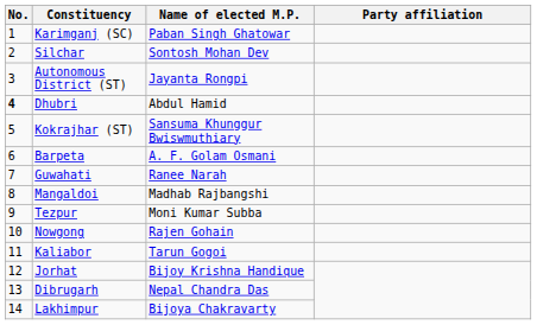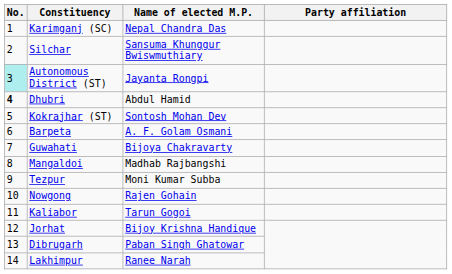 <table class="wikitable">
 <tr style="background:#ccc; text-align:center;">
 <th>No.</th>
 <th style="width:120px">Constituency</th>
 <th style="width:180px">Name of elected M.P.</th>
 <th colspan="2" style="width:18em">Party affiliation</th>
 </tr>
 <tr>
 <td>1</td>
 <td><a href='#'>Karimganj</a> (SC)</td>
-<td><a href='#'>Paban Singh Ghatowar</a></td>
+<td><a href='#'>Nepal Chandra Das</a></td>
 <td></td>
 </tr>
 <tr>
 <td>2</td>
 <td><a href='#'>Silchar</a></td>
-<td><a href='#'>Sontosh Mohan Dev</a></td>
+<td><a href='#'>Sansuma Khunggur Bwiswmuthiary</a></td>
 </tr>
 <tr>
-<td>3</td>
+<td style="background: paleturquoise;">3</td>
 <td><a href='#'>Autonomous District</a> (ST)</td>
 <td><a href='#'>Jayanta Rongpi</a></td>
 <td></td>
 </tr>
 <tr>
 <td><strong>4</strong></td>
 <td><a href='#'>Dhubri</a></td>
 <td Abdul Hamid (Indian politician)>Abdul Hamid</td>
 <td></td>
 </tr>
 <tr>
 <td>5</td>
 <td><a href='#'>Kokrajhar</a> (ST)</td>
-<td><a href='#'>Sansuma Khunggur Bwiswmuthiary</a></td>
+<td><a href='#'>Sontosh Mohan Dev</a></td>
 <td></td>
 </tr>
 <tr>
 <td>6</td>
 <td><a href='#'>Barpeta</a></td>
 <td><a href='#'>A. F. Golam Osmani</a></td>
 <td></td>
 </tr>
 <tr>
 <td>7</td>
 <td><a href='#'>Guwahati</a></td>
-<td><a href='#'>Ranee Narah</a></td>
+<td><a href='#'>Bijoya Chakravarty</a></td>
 <td></td>
 </tr>
 <tr>
 <td>8</td>
 <td><a href='#'>Mangaldoi</a></td>
 <td>Madhab Rajbangshi</td>
 <td></td>
 </tr>
 <tr>
 <td>9</td>
 <td><a href='#'>Tezpur</a></td>
 <td>Moni Kumar Subba</td>
 </tr>
 <tr>
 <td>10</td>
 <td><a href='#'>Nowgong</a></td>
 <td><a href='#'>Rajen Gohain</a></td>
 <td></td>
 </tr>
 <tr>
 <td>11</td>
 <td><a href='#'>Kaliabor</a></td>
 <td><a href='#'>Tarun Gogoi</a></td>
 <td></td>
 </tr>
 <tr>
 <td>12</td>
 <td><a href='#'>Jorhat</a></td>
 <td><a href='#'>Bijoy Krishna Handique</a></td>
 </tr>
 <tr>
 <td>13</td>
 <td><a href='#'>Dibrugarh</a></td>
-<td><a href='#'>Nepal Chandra Das</a></td>
+<td><a href='#'>Paban Singh Ghatowar</a></td>
 </tr>
 <tr>
 <td>14</td>
 <td><a href='#'>Lakhimpur</a></td>
-<td><a href='#'>Bijoya Chakravarty</a></td>
+<td><a href='#'>Ranee Narah</a></td>
 </tr>
 </table>
